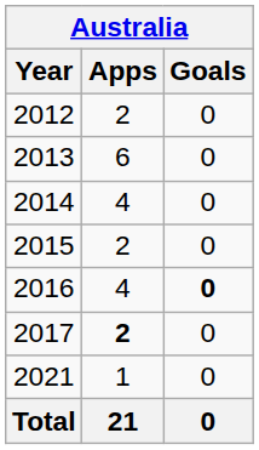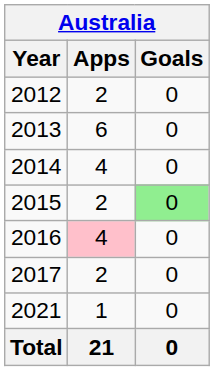 <table class="wikitable" style="text-align:center">
 <tr>
 <th colspan=3><a href='#'>Australia</a></th>
 </tr>
 <tr>
 <th>Year</th>
 <th>Apps</th>
 <th>Goals</th>
 </tr>
 <tr>
 <td>2012</td>
 <td>2</td>
 <td>0</td>
 </tr>
 <tr>
 <td>2013</td>
 <td>6</td>
 <td>0</td>
 </tr>
 <tr>
 <td>2014</td>
 <td>4</td>
 <td>0</td>
 </tr>
 <tr>
 <td>2015</td>
 <td>2</td>
+<td style="background: lightgreen;">0</td>
+</tr>
+<tr>
+<td>2016</td>
+<td style="background: pink;">4</td>
 <td>0</td>
 </tr>
 <tr>
-<td>2016</td>
-<td>4</td>
-<td><strong>0</strong></td>
-</tr>
-<tr>
 <td>2017</td>
-<td><strong>2</strong></td>
+<td>2</td>
 <td>0</td>
 </tr>
 <tr>
 <td>2021</td>
 <td>1</td>
 <td>0</td>
 </tr>
 <tr>
 <th>Total</th>
 <th>21</th>
 <th>0</th>
 </tr>
 </table>
